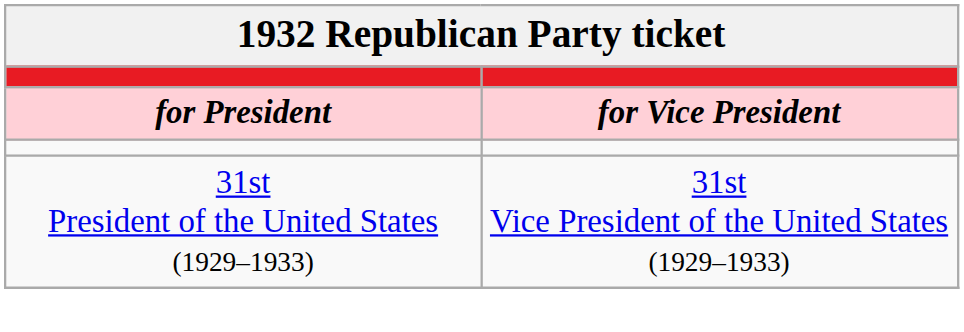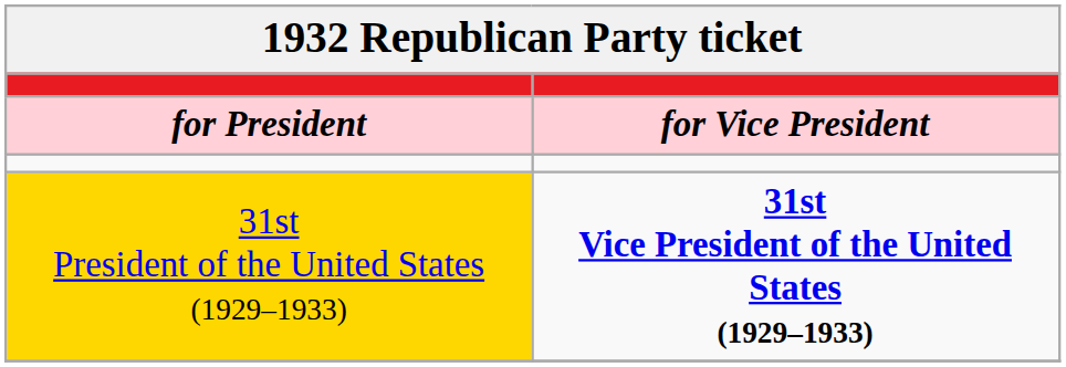 <table class="wikitable" style="font-size:90%; text-align:center;">
 <tr>
 <td style="background:#f1f1f1;" colspan="30"><big><strong>1932 Republican Party ticket</strong></big></td>
 </tr>
 <tr>
 <th style="width:3em; font-size:135%; background:#E81B23; width:200px;"><a href='#'></a></th>
 <th style="width:3em; font-size:135%; background:#E81B23; width:200px;"><a href='#'></a></th>
 </tr>
 <tr style="color:#000; font-size:100%; background:#FFD0D7;">
 <td style="width:3em; width:200px;"><strong><em>for President</em></strong></td>
 <td style="width:3em; width:200px;"><strong><em>for Vice President</em></strong></td>
 </tr>
 <tr>
 <td></td>
 <td></td>
 </tr>
 <tr>
-<td><a href='#'>31st</a><br><a href='#'>President of the United States</a><br><small>(1929–1933)</small></td>
-<td><a href='#'>31st</a><br><a href='#'>Vice President of the United States</a><br><small>(1929–1933)</small></td>
+<td style="background: gold;"><a href='#'>31st</a><br><a href='#'>President of the United States</a><br><small>(1929–1933)</small></td>
+<td><strong><a href='#'>31st</a><br><a href='#'>Vice President of the United States</a><br><small>(1929–1933)</small></strong></td>
 </tr>
 <tr>
 </tr>
 </table>
